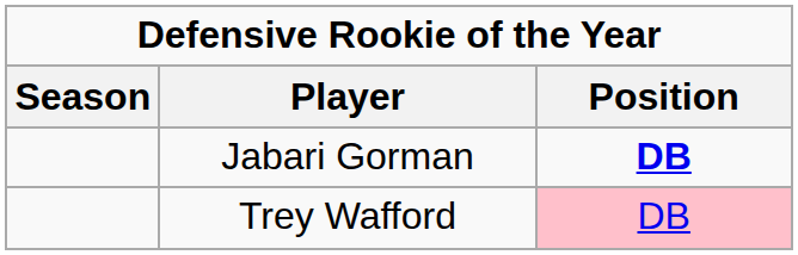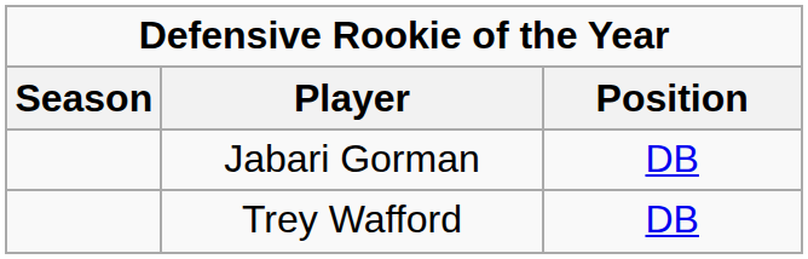 <table class="wikitable sortable" style="text-align:center">
 <tr>
 <td colspan="4"><strong>Defensive Rookie of the Year</strong></td>
 </tr>
 <tr>
 <th style="width:50px; ">Season</th>
 <th style="width:150px; ">Player</th>
 <th style="width:100px; ">Position</th>
 </tr>
 <tr>
 <td></td>
 <td>Jabari Gorman</td>
-<td><strong><a href='#'>DB</a></strong></td>
+<td><a href='#'>DB</a></td>
 </tr>
 <tr>
 <td></td>
 <td>Trey Wafford</td>
-<td style="background: pink;"><a href='#'>DB</a></td>
+<td><a href='#'>DB</a></td>
 </tr>
 </table>
